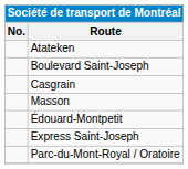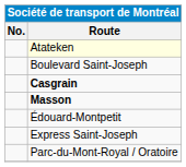 <table align=center class="wikitable">
 <tr>
 <th style="background: #0085CA; font-size:100%; color:#FFFFFF;"colspan="4">Société de transport de Montréal</th>
 </tr>
 <tr>
 <th>No.</th>
 <th>Route</th>
 </tr>
 <tr>
 <td></td>
-<td>Atateken</td>
+<td style="background: lightyellow;">Atateken</td>
 </tr>
 <tr>
 <td></td>
 <td>Boulevard Saint-Joseph</td>
 </tr>
 <tr>
 <td></td>
-<td>Casgrain</td>
+<td><strong>Casgrain</strong></td>
 </tr>
 <tr>
 <td></td>
-<td>Masson</td>
+<td><strong>Masson</strong></td>
 </tr>
 <tr>
 <td {{Avoid wrap> </td>
 <td>Édouard-Montpetit</td>
 </tr>
 <tr>
 <td></td>
 <td>Express Saint-Joseph</td>
 </tr>
 <tr>
 <td></td>
 <td>Parc-du-Mont-Royal / Oratoire</td>
 </tr>
 <tr>
 </tr>
 </table>
